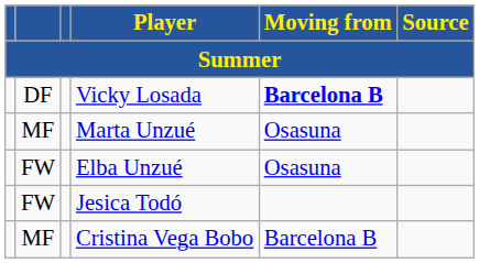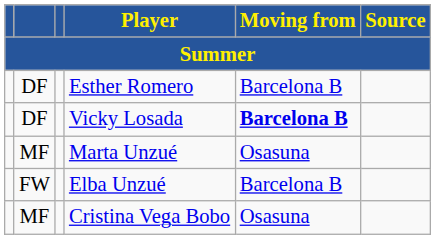 <table class="wikitable plainrowheaders sortable" style="text-align:center">
 <tr>
 <th style="background:#26559B; color:#FFF000; "></th>
 <th style="background:#26559B; color:#FFF000; "></th>
 <th style="background:#26559B; color:#FFF000; "></th>
 <th style="background:#26559B; color:#FFF000; ">Player</th>
 <th style="background:#26559B; color:#FFF000; ">Moving from</th>
 <th style="background:#26559B; color:#FFF000; ">Source</th>
 </tr>
 <tr>
 <th colspan="6" style="background:#26559B; color:#FFF000; ">Summer</th>
+</tr>
+<tr>
+<td></td>
+<td>DF</td>
+<td></td>
+<td align="left"><a href='#'>Esther Romero</a></td>
+<td align="left"><a href='#'>Barcelona B</a></td>
+<td></td>
 </tr>
 <tr>
 <td></td>
 <td>DF</td>
 <td></td>
 <td align="left"><a href='#'>Vicky Losada</a></td>
 <td align="left"><strong><a href='#'>Barcelona B</a></strong></td>
 <td></td>
 </tr>
 <tr>
 <td></td>
 <td>MF</td>
 <td></td>
 <td align="left"><a href='#'>Marta Unzué</a></td>
 <td align="left"><a href='#'>Osasuna</a></td>
 <td></td>
 </tr>
 <tr>
 <td></td>
 <td>FW</td>
 <td></td>
 <td align="left"><a href='#'>Elba Unzué</a></td>
-<td align="left"><a href='#'>Osasuna</a></td>
-<td></td>
-</tr>
-<tr>
-<td></td>
-<td>FW</td>
-<td></td>
-<td align="left"><a href='#'>Jesica Todó</a></td>
-<td align="left"></td>
+<td align="left"><a href='#'>Barcelona B</a></td>
 <td></td>
 </tr>
 <tr>
 <td></td>
 <td>MF</td>
 <td></td>
 <td align="left"><a href='#'>Cristina Vega Bobo</a></td>
-<td align="left"><a href='#'>Barcelona B</a></td>
+<td align="left"><a href='#'>Osasuna</a></td>
 <td></td>
 </tr>
 </table>
